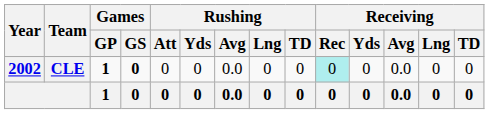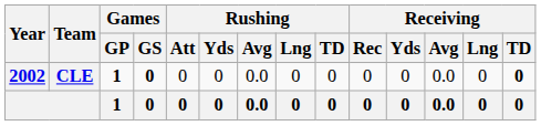 <table class="wikitable" style="text-align:center;">
 <tr>
 <th rowspan="2">Year</th>
 <th rowspan="2">Team</th>
 <th colspan="2">Games</th>
 <th colspan="5">Rushing</th>
 <th colspan="5">Receiving</th>
 </tr>
 <tr>
 <th>GP</th>
 <th>GS</th>
 <th>Att</th>
 <th>Yds</th>
 <th>Avg</th>
 <th>Lng</th>
 <th>TD</th>
 <th>Rec</th>
 <th>Yds</th>
 <th>Avg</th>
 <th>Lng</th>
 <th>TD</th>
 </tr>
 <tr>
 <th><a href='#'>2002</a></th>
 <th><a href='#'>CLE</a></th>
 <td><strong>1</strong></td>
 <td><strong>0</strong></td>
 <td>0</td>
 <td>0</td>
 <td>0.0</td>
 <td>0</td>
 <td>0</td>
-<td style="background: paleturquoise;">0</td>
+<td>0</td>
 <td>0</td>
 <td>0.0</td>
 <td>0</td>
-<td>0</td>
+<td><strong>0</strong></td>
 </tr>
 <tr>
 <th colspan="2"></th>
 <th>1</th>
 <th>0</th>
 <th>0</th>
 <th>0</th>
 <th>0.0</th>
 <th>0</th>
 <th>0</th>
 <th>0</th>
 <th>0</th>
 <th>0.0</th>
 <th>0</th>
 <th>0</th>
 </tr>
 </table>
